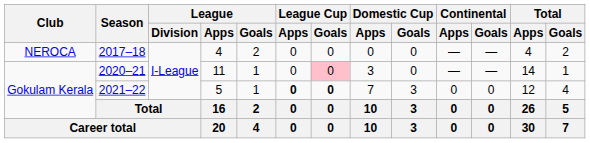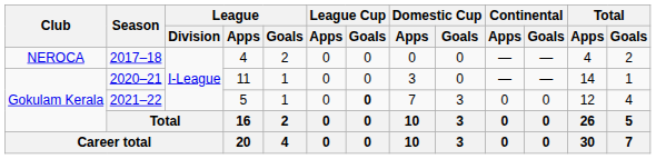 <table class="wikitable" style="text-align: center;">
 <tr>
 <th rowspan="2">Club</th>
 <th rowspan="2">Season</th>
 <th colspan="3">League</th>
 <th colspan="2">League Cup</th>
 <th colspan="2">Domestic Cup</th>
 <th colspan="2">Continental</th>
 <th colspan="2">Total</th>
 </tr>
 <tr>
 <th>Division</th>
 <th>Apps</th>
 <th>Goals</th>
 <th>Apps</th>
 <th>Goals</th>
 <th>Apps</th>
 <th>Goals</th>
 <th>Apps</th>
 <th>Goals</th>
 <th>Apps</th>
 <th>Goals</th>
 </tr>
 <tr>
 <td rowspan="1"><a href='#'>NEROCA</a></td>
 <td><a href='#'>2017–18</a></td>
 <td rowspan="3"><a href='#'>I-League</a></td>
 <td>4</td>
 <td>2</td>
 <td>0</td>
 <td>0</td>
 <td>0</td>
 <td>0</td>
 <td>—</td>
 <td>—</td>
 <td>4</td>
 <td>2</td>
 </tr>
 <tr>
 <td rowspan="3"><a href='#'>Gokulam Kerala</a></td>
 <td><a href='#'>2020–21</a></td>
 <td>11</td>
 <td>1</td>
 <td>0</td>
-<td style="background: pink;">0</td>
+<td>0</td>
 <td>3</td>
 <td>0</td>
 <td>—</td>
 <td>—</td>
 <td>14</td>
 <td>1</td>
 </tr>
 <tr>
 <td><a href='#'>2021–22</a></td>
 <td>5</td>
 <td>1</td>
-<td><strong>0</strong></td>
+<td>0</td>
 <td><strong>0</strong></td>
 <td>7</td>
 <td>3</td>
 <td>0</td>
 <td>0</td>
 <td>12</td>
 <td>4</td>
 </tr>
 <tr>
 <th colspan="2">Total</th>
 <th>16</th>
 <th>2</th>
 <th>0</th>
 <th>0</th>
 <th>10</th>
 <th>3</th>
 <th>0</th>
 <th>0</th>
 <th>26</th>
 <th>5</th>
 </tr>
 <tr>
 <th colspan="3">Career total</th>
 <th>20</th>
 <th>4</th>
 <th>0</th>
 <th>0</th>
 <th>10</th>
 <th>3</th>
 <th>0</th>
 <th>0</th>
 <th>30</th>
 <th>7</th>
 </tr>
 </table>
